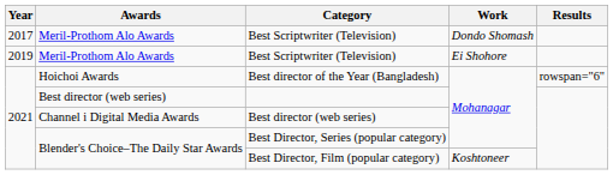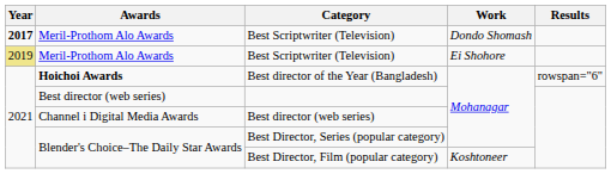 <table class="wikitable" style="font-size: 95%;">
 <tr>
 <th>Year</th>
 <th>Awards</th>
 <th>Category</th>
 <th>Work</th>
 <th>Results</th>
 </tr>
 <tr>
-<td>2017</td>
+<td><strong>2017</strong></td>
 <td><a href='#'>Meril-Prothom Alo Awards</a></td>
 <td>Best Scriptwriter (Television)</td>
 <td><em>Dondo Shomash</em></td>
 <td></td>
 </tr>
 <tr>
-<td>2019</td>
+<td style="background: khaki;">2019</td>
 <td><a href='#'>Meril-Prothom Alo Awards</a></td>
 <td>Best Scriptwriter (Television)</td>
 <td><em>Ei Shohore</em></td>
 <td></td>
 </tr>
 <tr>
 <td rowspan="6">2021</td>
-<td>Hoichoi Awards</td>
+<td><strong>Hoichoi Awards</strong></td>
 <td>Best director of the Year (Bangladesh)</td>
 <td rowspan="4"><em><a href='#'>Mohanagar</a></em></td>
 <td>rowspan="6" </td>
 </tr>
 <tr>
 <td>Best director (web series)</td>
 <td></td>
 </tr>
 <tr>
 <td>Channel i Digital Media Awards</td>
 <td>Best director (web series)</td>
 </tr>
 <tr>
 <td rowspan="2">Blender's Choice–The Daily Star Awards</td>
 <td>Best Director, Series (popular category)</td>
 </tr>
 <tr>
 <td>Best Director, Film (popular category)</td>
 <td><em>Koshtoneer</em></td>
 </tr>
 </table>
